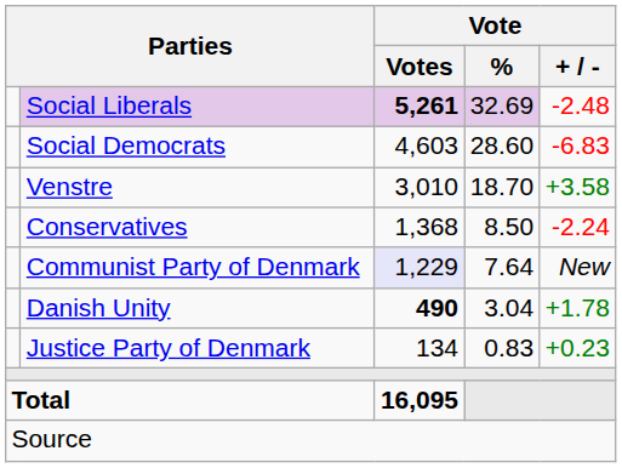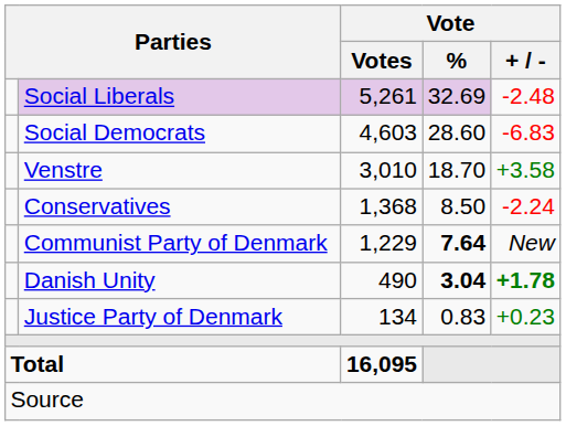 <table class="wikitable" style="text-align:right;">
 <tr>
 <th style="text-align:centre;" rowspan="2" colspan="2" width="225">Parties</th>
 <th colspan="3">Vote</th>
 </tr>
 <tr>
 <th width="15">Votes</th>
 <th width="15">%</th>
 <th width="15">+ / -</th>
 </tr>
 <tr>
 <td width="2" style="color:inherit;background:"></td>
 <td bgcolor=#e3c8e9  align="left"><a href='#'>Social Liberals</a></td>
-<td bgcolor=#e3c8e9><strong>5,261</strong></td>
+<td bgcolor=#e3c8e9>5,261</td>
 <td bgcolor=#e3c8e9>32.69</td>
 <td style=color:red;>-2.48</td>
 </tr>
 <tr>
 <td width="2" style="color:inherit;background:"></td>
 <td align="left"><a href='#'>Social Democrats</a></td>
 <td>4,603</td>
 <td>28.60</td>
 <td style=color:red;>-6.83</td>
 </tr>
 <tr>
 <td width="2" style="color:inherit;background:"></td>
 <td align="left"><a href='#'>Venstre</a></td>
 <td>3,010</td>
 <td>18.70</td>
 <td style=color:green;>+3.58</td>
 </tr>
 <tr>
 <td width="2" style="color:inherit;background:"></td>
 <td align="left"><a href='#'>Conservatives</a></td>
 <td>1,368</td>
 <td>8.50</td>
 <td style=color:red;>-2.24</td>
 </tr>
 <tr>
 <td width="2" style="color:inherit;background:"></td>
 <td align="left"><a href='#'>Communist Party of Denmark</a></td>
-<td style="background: lavender;">1,229</td>
-<td>7.64</td>
+<td>1,229</td>
+<td><strong>7.64</strong></td>
 <td><em>New</em></td>
 </tr>
 <tr>
 <td width="2" style="color:inherit;background:"></td>
 <td align="left"><a href='#'>Danish Unity</a></td>
-<td><strong>490</strong></td>
-<td>3.04</td>
-<td style=color:green;>+1.78</td>
+<td>490</td>
+<td><strong>3.04</strong></td>
+<td style=color:green;><strong>+1.78</strong></td>
 </tr>
 <tr>
 <td width="2" style="color:inherit;background:"></td>
 <td align="left"><a href='#'>Justice Party of Denmark</a></td>
 <td>134</td>
 <td>0.83</td>
 <td style=color:green;>+0.23</td>
 </tr>
 <tr>
 <td colspan="7" bgcolor="#E9E9E9"></td>
 </tr>
 <tr>
 <td align="left" colspan="2"><strong>Total</strong></td>
 <td><strong>16,095</strong></td>
 <td bgcolor="#E9E9E9" colspan="2"></td>
 </tr>
 <tr>
 <td align="left" colspan="6">Source</td>
 </tr>
 </table>
